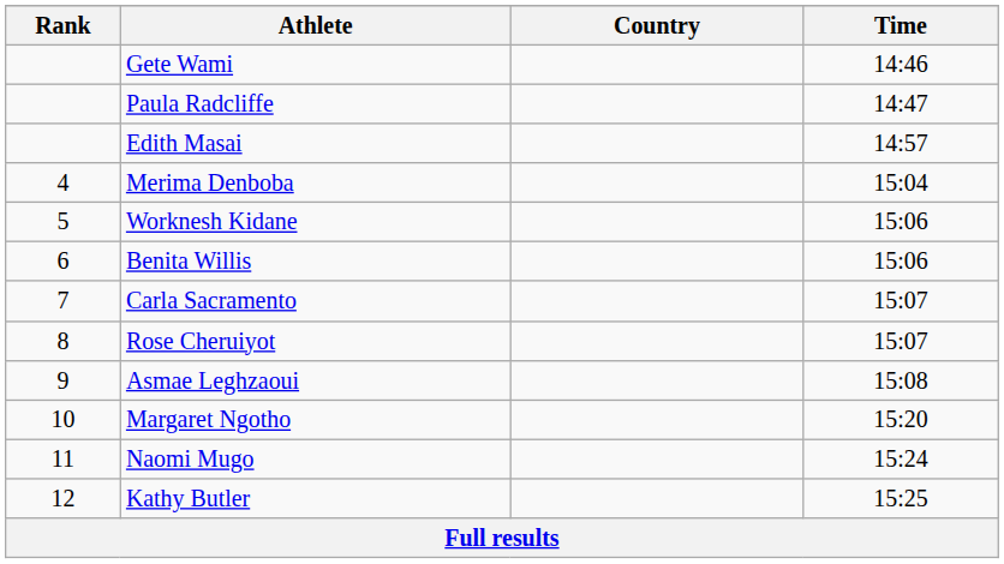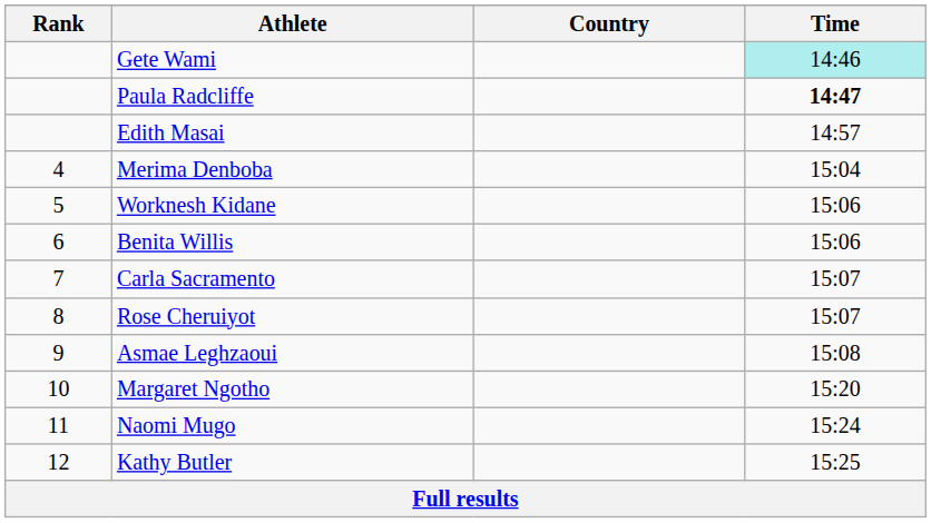 <table class="wikitable sortable" style=" text-align:center; font-size:95%;" width="50%">
 <tr>
 </tr>
 <tr>
 <th width=5%>Rank</th>
 <th width=20%>Athlete</th>
 <th width=15%>Country</th>
 <th width=10%>Time</th>
 </tr>
 <tr>
 <td align=center></td>
 <td align=left><a href='#'>Gete Wami</a></td>
 <td align=left></td>
-<td>14:46</td>
+<td style="background: paleturquoise;">14:46</td>
 </tr>
 <tr>
 <td align=center></td>
 <td align=left><a href='#'>Paula Radcliffe</a></td>
 <td align=left></td>
-<td>14:47</td>
+<td><strong>14:47</strong></td>
 </tr>
 <tr>
 <td align=center></td>
 <td align=left><a href='#'>Edith Masai</a></td>
 <td align=left></td>
 <td>14:57</td>
 </tr>
 <tr>
 <td align=center>4</td>
 <td align=left><a href='#'>Merima Denboba</a></td>
 <td align=left></td>
 <td>15:04</td>
 </tr>
 <tr>
 <td align=center>5</td>
 <td align=left><a href='#'>Worknesh Kidane</a></td>
 <td align=left></td>
 <td>15:06</td>
 </tr>
 <tr>
 <td align=center>6</td>
 <td align=left><a href='#'>Benita Willis</a></td>
 <td align=left></td>
 <td>15:06</td>
 </tr>
 <tr>
 <td align=center>7</td>
 <td align=left><a href='#'>Carla Sacramento</a></td>
 <td align=left></td>
 <td>15:07</td>
 </tr>
 <tr>
 <td align=center>8</td>
 <td align=left><a href='#'>Rose Cheruiyot</a></td>
 <td align=left></td>
 <td>15:07</td>
 </tr>
 <tr>
 <td align=center>9</td>
 <td align=left><a href='#'>Asmae Leghzaoui</a></td>
 <td align=left></td>
 <td>15:08</td>
 </tr>
 <tr>
 <td align=center>10</td>
 <td align=left><a href='#'>Margaret Ngotho</a></td>
 <td align=left></td>
 <td>15:20</td>
 </tr>
 <tr>
 <td align=center>11</td>
 <td align=left><a href='#'>Naomi Mugo</a></td>
 <td align=left></td>
 <td>15:24</td>
 </tr>
 <tr>
 <td align=center>12</td>
 <td align=left><a href='#'>Kathy Butler</a></td>
 <td align=left></td>
 <td>15:25</td>
 </tr>
 <tr class="sortbottom">
 <th colspan=4 align=center><a href='#'>Full results</a></th>
 </tr>
 </table>
